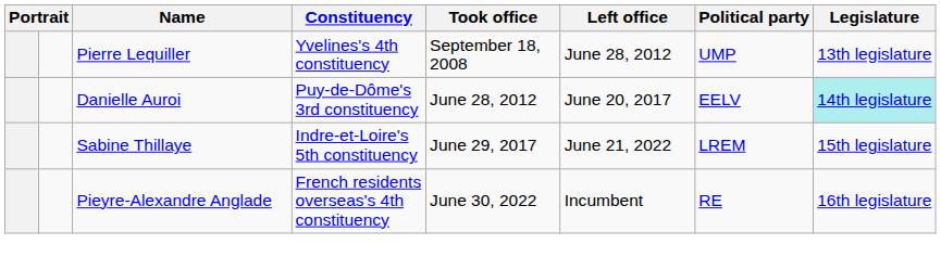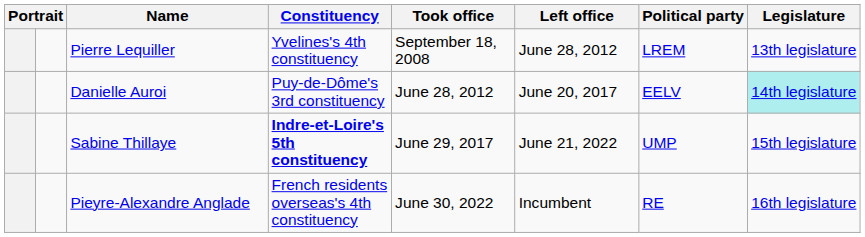 <table class="wikitable">
 <tr>
 <th colspan=2>Portrait</th>
 <th width=200>Name</th>
 <th width=120><a href='#'>Constituency</a></th>
 <th width=120>Took office</th>
 <th width=120>Left office</th>
 <th>Political party</th>
 <th>Legislature</th>
 </tr>
 <tr>
 <th style="background:"></th>
 <td></td>
 <td><a href='#'>Pierre Lequiller</a></td>
 <td><a href='#'>Yvelines's 4th constituency</a></td>
 <td>September 18, 2008</td>
 <td>June 28, 2012</td>
-<td><a href='#'>UMP</a></td>
+<td><a href='#'>LREM</a></td>
 <td><a href='#'>13th legislature</a></td>
 </tr>
 <tr>
 <th style="background:"></th>
 <td></td>
 <td><a href='#'>Danielle Auroi</a></td>
 <td><a href='#'>Puy-de-Dôme's 3rd constituency</a></td>
 <td>June 28, 2012</td>
 <td>June 20, 2017</td>
 <td><a href='#'>EELV</a></td>
 <td style="background: paleturquoise;"><a href='#'>14th legislature</a></td>
 </tr>
 <tr>
 <th style="background:"></th>
 <td></td>
 <td><a href='#'>Sabine Thillaye</a></td>
-<td><a href='#'>Indre-et-Loire's 5th constituency</a></td>
+<td><strong><a href='#'>Indre-et-Loire's 5th constituency</a></strong></td>
 <td>June 29, 2017</td>
 <td>June 21, 2022</td>
-<td><a href='#'>LREM</a></td>
+<td><a href='#'>UMP</a></td>
 <td><a href='#'>15th legislature</a></td>
 </tr>
 <tr>
 <th style="background:"></th>
 <td></td>
 <td><a href='#'>Pieyre-Alexandre Anglade</a></td>
 <td><a href='#'>French residents overseas's 4th constituency</a></td>
 <td>June 30, 2022</td>
 <td>Incumbent</td>
 <td><a href='#'>RE</a></td>
 <td><a href='#'>16th legislature</a></td>
 </tr>
 </table>
